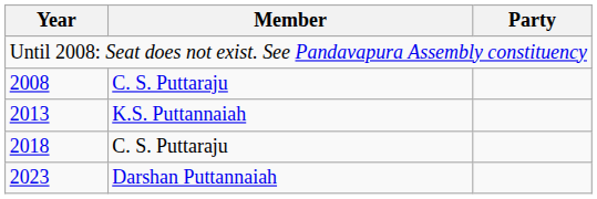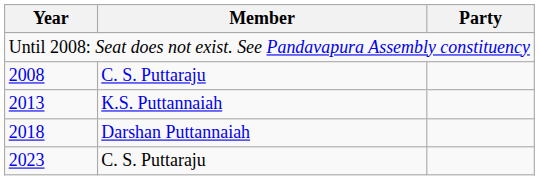 <table class="wikitable sortable">
 <tr>
 <th>Year</th>
 <th>Member</th>
 <th colspan=2>Party</th>
 </tr>
 <tr>
 <td colspan=4 align=center>Until 2008: <em>Seat does not exist. See <a href='#'>Pandavapura Assembly constituency</a></em></td>
 </tr>
 <tr>
 <td><a href='#'>2008</a></td>
 <td><a href='#'>C. S. Puttaraju</a></td>
 <td></td>
 </tr>
 <tr>
 <td><a href='#'>2013</a></td>
 <td><a href='#'>K.S. Puttannaiah</a></td>
 <td></td>
 </tr>
 <tr>
 <td><a href='#'>2018</a></td>
-<td>C. S. Puttaraju</td>
+<td><a href='#'>Darshan Puttannaiah</a></td>
 <td></td>
 </tr>
 <tr>
 <td><a href='#'>2023</a></td>
-<td><a href='#'>Darshan Puttannaiah</a></td>
+<td>C. S. Puttaraju</td>
 <td></td>
 </tr>
 </table>
